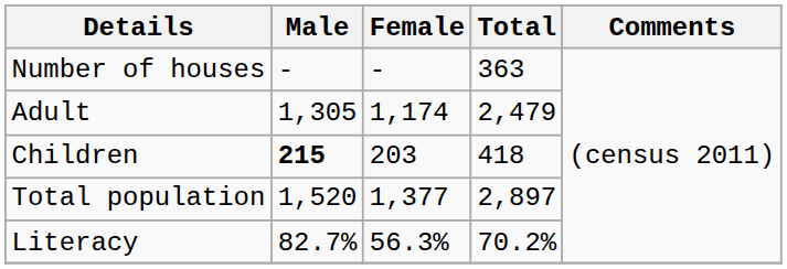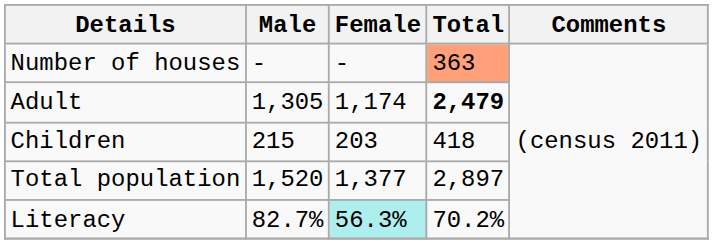 <table class="wikitable  sortable">
 <tr>
 <th>Details</th>
 <th>Male</th>
 <th>Female</th>
 <th>Total</th>
 <th>Comments</th>
 </tr>
 <tr>
 <td>Number of  houses</td>
 <td>-</td>
 <td>-</td>
-<td>363</td>
+<td style="background: lightsalmon;">363</td>
 <td rowspan="5">(census 2011)</td>
 </tr>
 <tr>
 <td>Adult</td>
 <td>1,305</td>
 <td>1,174</td>
-<td>2,479</td>
+<td><strong>2,479</strong></td>
 </tr>
 <tr>
 <td>Children</td>
-<td><strong>215</strong></td>
+<td>215</td>
 <td>203</td>
 <td>418</td>
 </tr>
 <tr>
 <td>Total population</td>
 <td>1,520</td>
 <td>1,377</td>
 <td>2,897</td>
 </tr>
 <tr>
 <td>Literacy</td>
 <td>82.7%</td>
-<td>56.3%</td>
+<td style="background: paleturquoise;">56.3%</td>
 <td>70.2%</td>
 </tr>
 <tr>
 </tr>
 </table>
